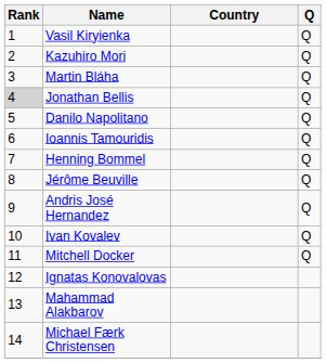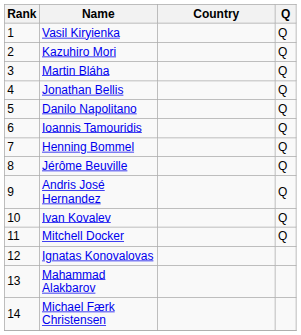 <table class="wikitable">
 <tr>
 <th width=20>Rank</th>
 <th width=150>Name</th>
 <th width=150>Country</th>
 <th width=20>Q</th>
 </tr>
 <tr>
 <td>1</td>
 <td><a href='#'>Vasil Kiryienka</a></td>
 <td></td>
 <td>Q</td>
 </tr>
 <tr>
 <td>2</td>
 <td><a href='#'>Kazuhiro Mori</a></td>
 <td></td>
 <td>Q</td>
 </tr>
 <tr>
 <td>3</td>
 <td><a href='#'>Martin Bláha</a></td>
 <td></td>
 <td>Q</td>
 </tr>
 <tr>
-<td style="background: lightgrey;">4</td>
+<td>4</td>
 <td><a href='#'>Jonathan Bellis</a></td>
 <td></td>
 <td>Q</td>
 </tr>
 <tr>
 <td>5</td>
 <td><a href='#'>Danilo Napolitano</a></td>
 <td></td>
 <td>Q</td>
 </tr>
 <tr>
 <td>6</td>
 <td><a href='#'>Ioannis Tamouridis</a></td>
 <td></td>
 <td>Q</td>
 </tr>
 <tr>
 <td>7</td>
 <td><a href='#'>Henning Bommel</a></td>
 <td></td>
 <td>Q</td>
 </tr>
 <tr>
 <td>8</td>
 <td><a href='#'>Jérôme Beuville</a></td>
 <td></td>
 <td>Q</td>
 </tr>
 <tr>
 <td>9</td>
 <td><a href='#'>Andris José Hernandez</a></td>
 <td></td>
 <td>Q</td>
 </tr>
 <tr>
 <td>10</td>
 <td><a href='#'>Ivan Kovalev</a></td>
 <td></td>
 <td>Q</td>
 </tr>
 <tr>
 <td>11</td>
 <td><a href='#'>Mitchell Docker</a></td>
 <td></td>
 <td>Q</td>
 </tr>
 <tr>
 <td>12</td>
 <td><a href='#'>Ignatas Konovalovas</a></td>
 <td></td>
 <td></td>
 </tr>
 <tr>
 <td>13</td>
 <td><a href='#'>Mahammad Alakbarov</a></td>
 <td></td>
 <td></td>
 </tr>
 <tr>
 <td>14</td>
 <td><a href='#'>Michael Færk Christensen</a></td>
 <td></td>
 <td></td>
 </tr>
 <tr>
 </tr>
 </table>
